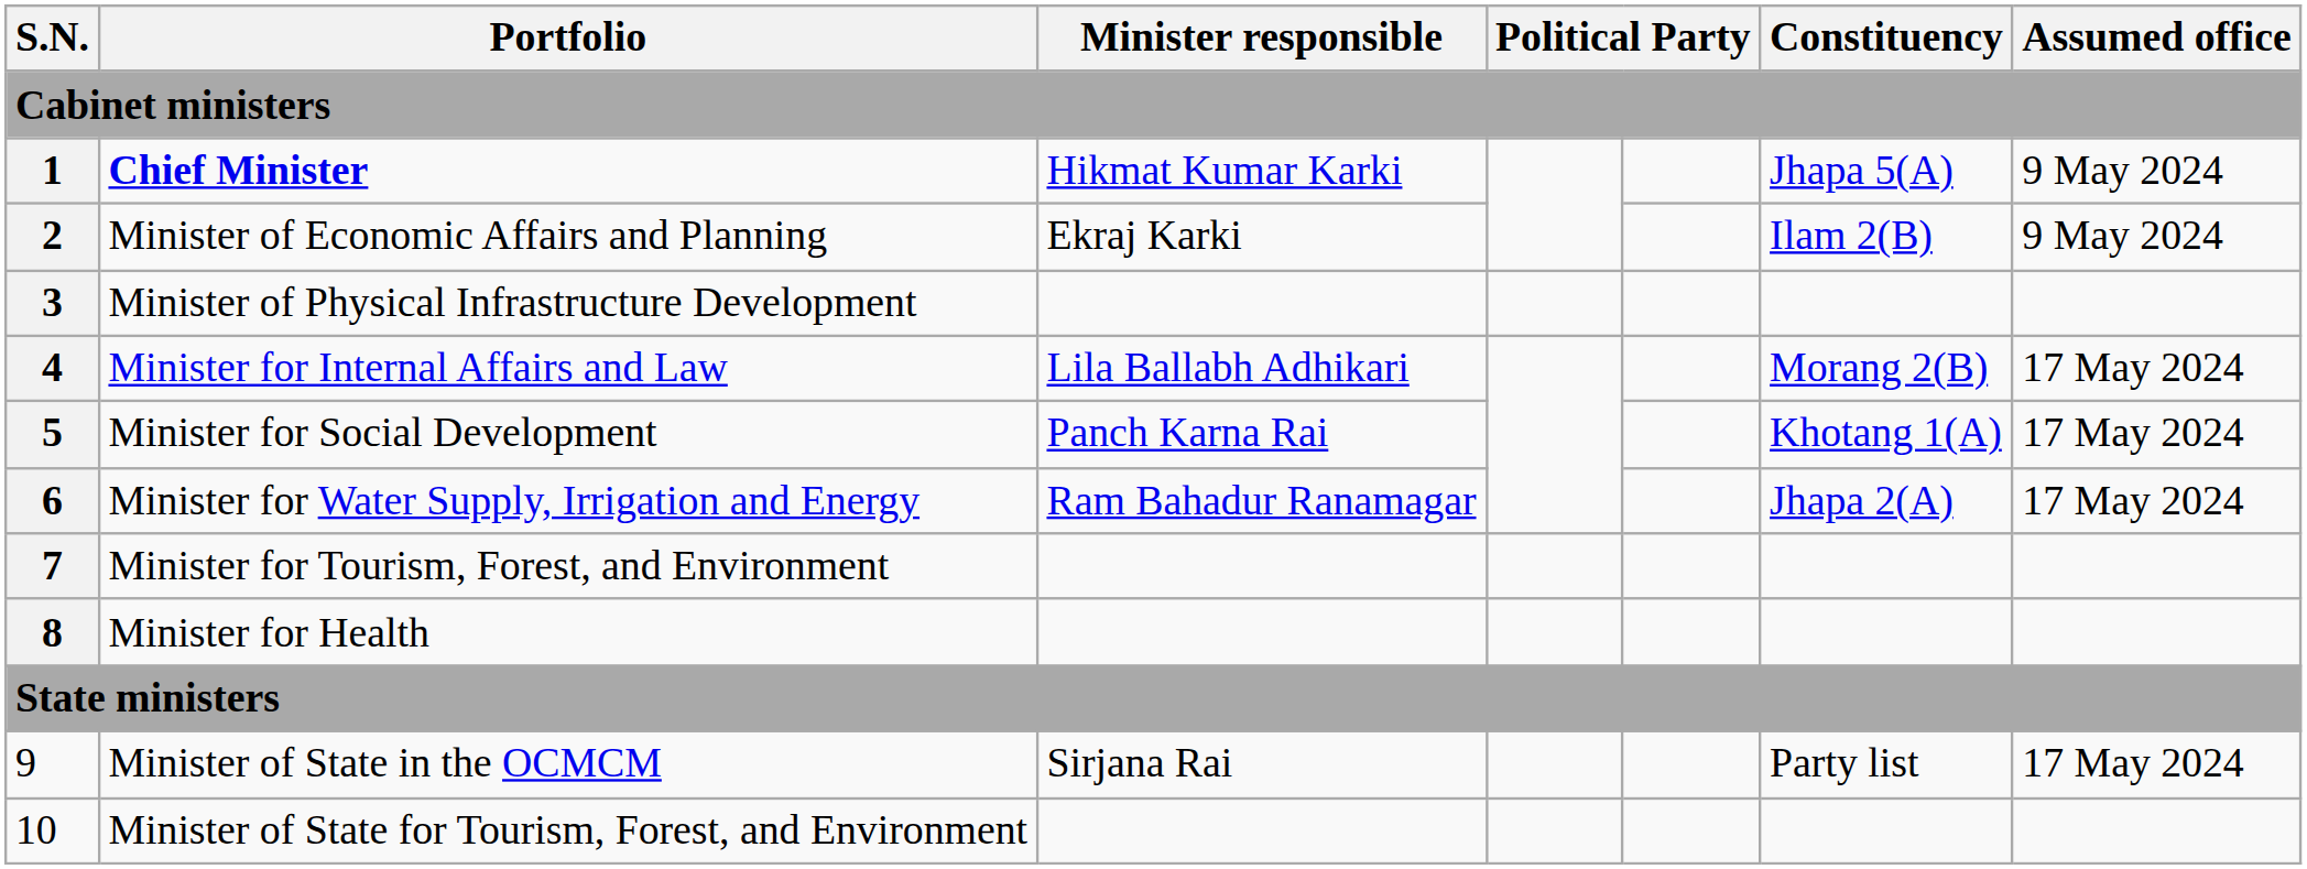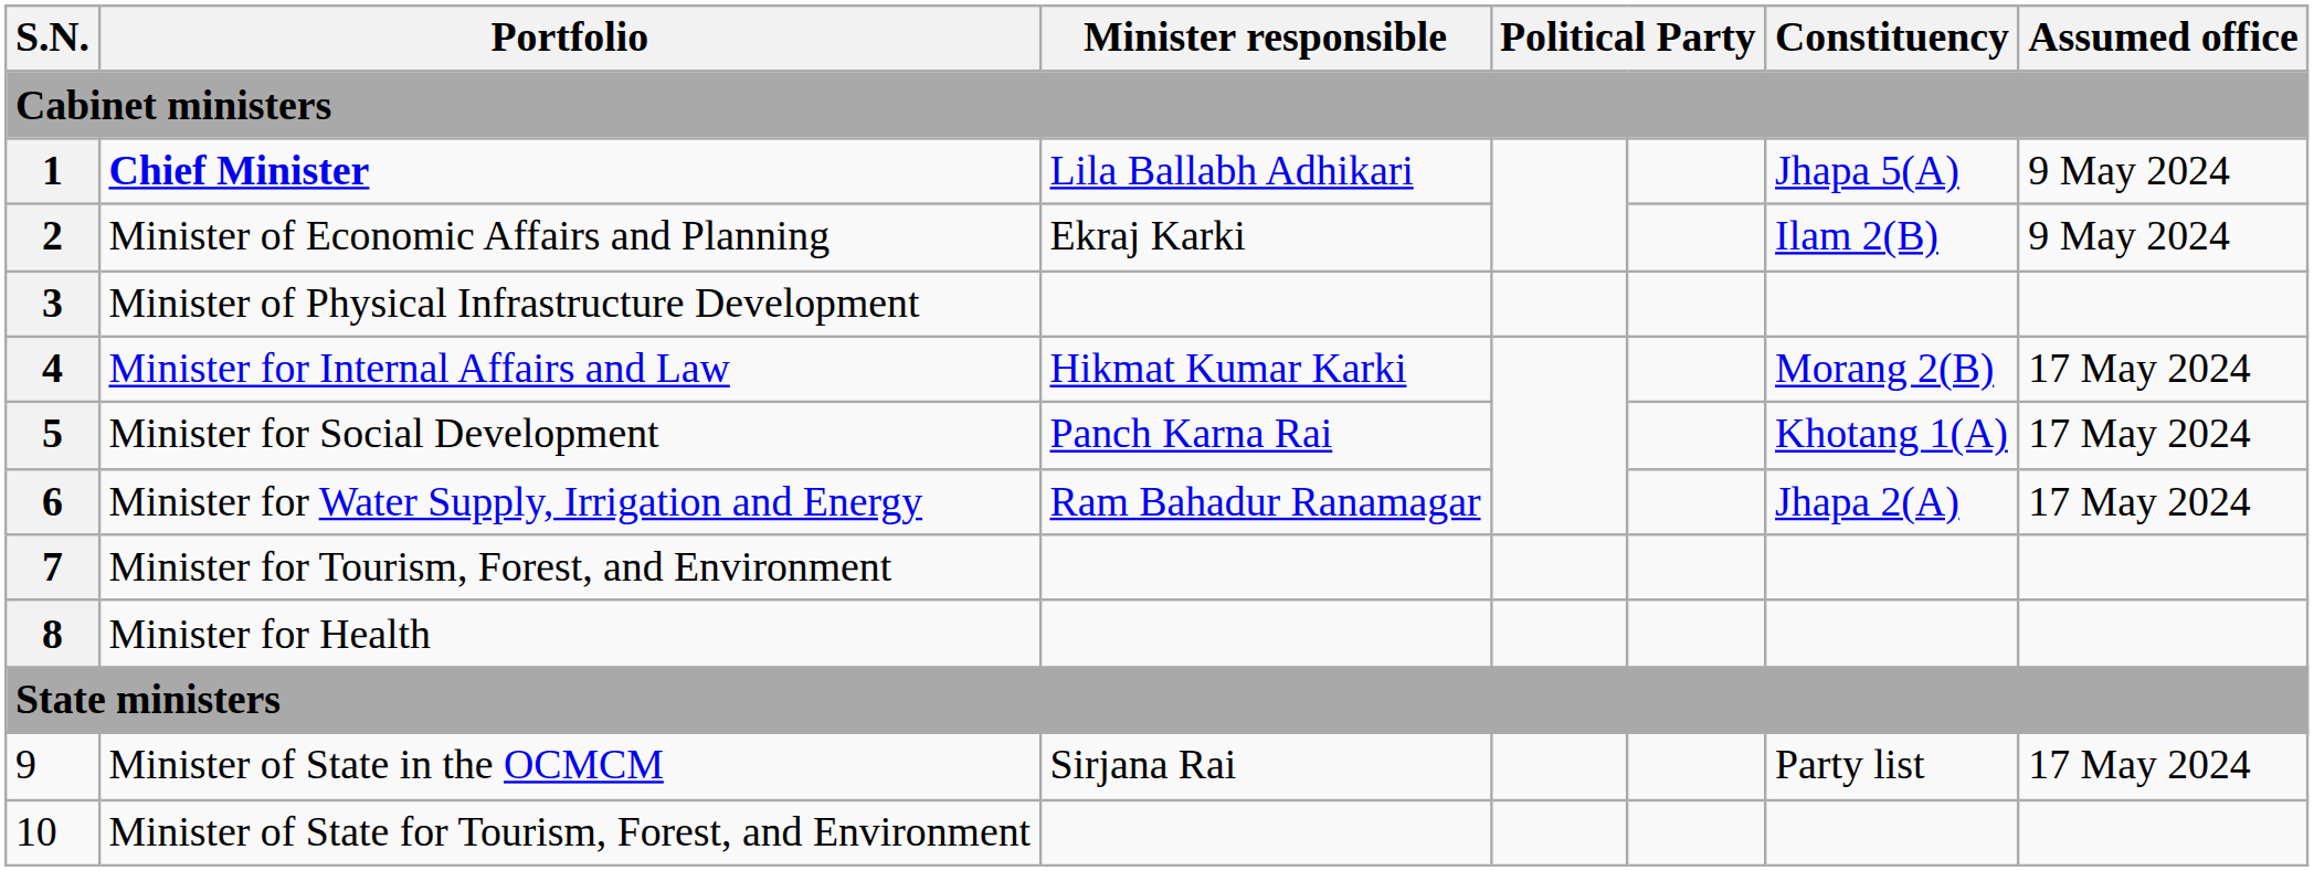 <table class="wikitable">
 <tr>
 <th>S.N.</th>
 <th>Portfolio</th>
 <th>Minister responsible</th>
 <th colspan="2">Political Party</th>
 <th>Constituency</th>
 <th>Assumed office</th>
 </tr>
 <tr>
 <td colspan="7" bgcolor="darkgrey"><strong>Cabinet ministers</strong></td>
 </tr>
 <tr>
 <th>1</th>
 <td><strong><a href='#'>Chief Minister</a><br></strong></td>
-<td><a href='#'>Hikmat Kumar Karki</a></td>
+<td><a href='#'>Lila Ballabh Adhikari</a></td>
 <td rowspan="2"></td>
 <td></td>
 <td><a href='#'>Jhapa 5(A)</a></td>
 <td>9 May 2024</td>
 </tr>
 <tr>
 <th>2</th>
 <td>Minister of Economic Affairs and Planning</td>
 <td>Ekraj Karki</td>
 <td></td>
 <td><a href='#'>Ilam 2(B)</a></td>
 <td>9 May 2024</td>
 </tr>
 <tr>
 <th>3</th>
 <td>Minister of Physical Infrastructure Development</td>
 <td></td>
 <td></td>
 <td></td>
 <td></td>
 <td></td>
 </tr>
 <tr>
 <th>4</th>
 <td><a href='#'>Minister for Internal Affairs and Law</a></td>
-<td><a href='#'>Lila Ballabh Adhikari</a></td>
+<td><a href='#'>Hikmat Kumar Karki</a></td>
 <td rowspan="3"></td>
 <td></td>
 <td><a href='#'>Morang 2(B)</a></td>
 <td>17 May 2024</td>
 </tr>
 <tr>
 <th>5</th>
 <td>Minister for Social Development</td>
 <td><a href='#'>Panch Karna Rai</a></td>
 <td></td>
 <td><a href='#'>Khotang 1(A)</a></td>
 <td>17 May 2024</td>
 </tr>
 <tr>
 <th>6</th>
 <td>Minister for <a href='#'>Water Supply, Irrigation and Energy</a></td>
 <td><a href='#'>Ram Bahadur Ranamagar</a></td>
 <td></td>
 <td><a href='#'>Jhapa 2(A)</a></td>
 <td>17 May 2024</td>
 </tr>
 <tr>
 <th>7</th>
 <td>Minister for Tourism, Forest, and Environment</td>
 <td></td>
 <td></td>
 <td></td>
 <td></td>
 <td></td>
 </tr>
 <tr>
 <th>8</th>
 <td>Minister for Health</td>
 <td></td>
 <td></td>
 <td></td>
 <td></td>
 <td></td>
 </tr>
 <tr>
 <td colspan="7" bgcolor="darkgrey"><strong>State ministers</strong></td>
 </tr>
 <tr>
 <td>9</td>
 <td>Minister of State in the <a href='#'>OCMCM</a></td>
 <td>Sirjana Rai</td>
 <td></td>
 <td></td>
 <td>Party list</td>
 <td>17 May 2024</td>
 </tr>
 <tr>
 <td>10</td>
 <td>Minister of State for Tourism, Forest, and Environment</td>
 <td></td>
 <td></td>
 <td></td>
 <td></td>
 <td></td>
 </tr>
 </table>
